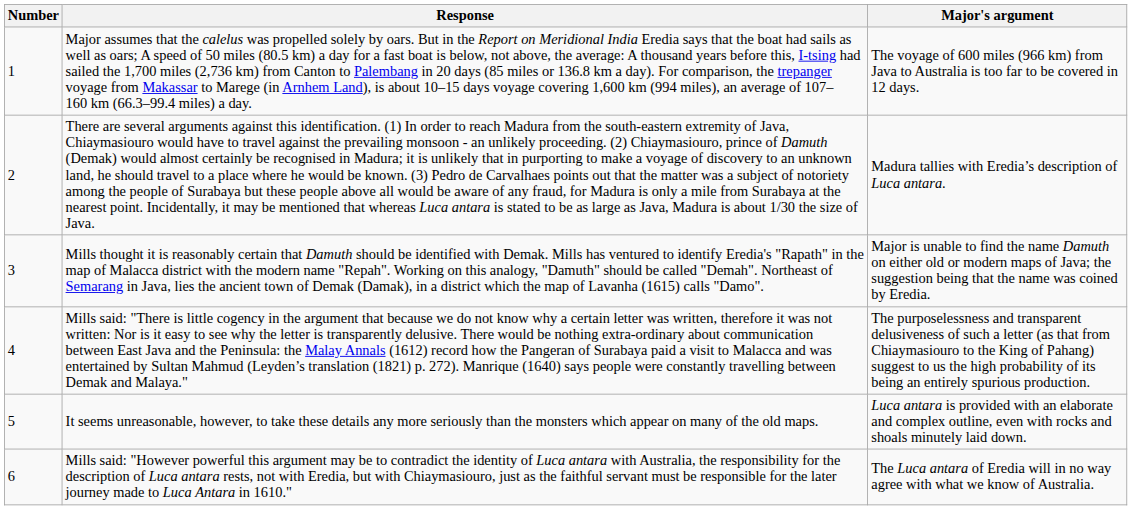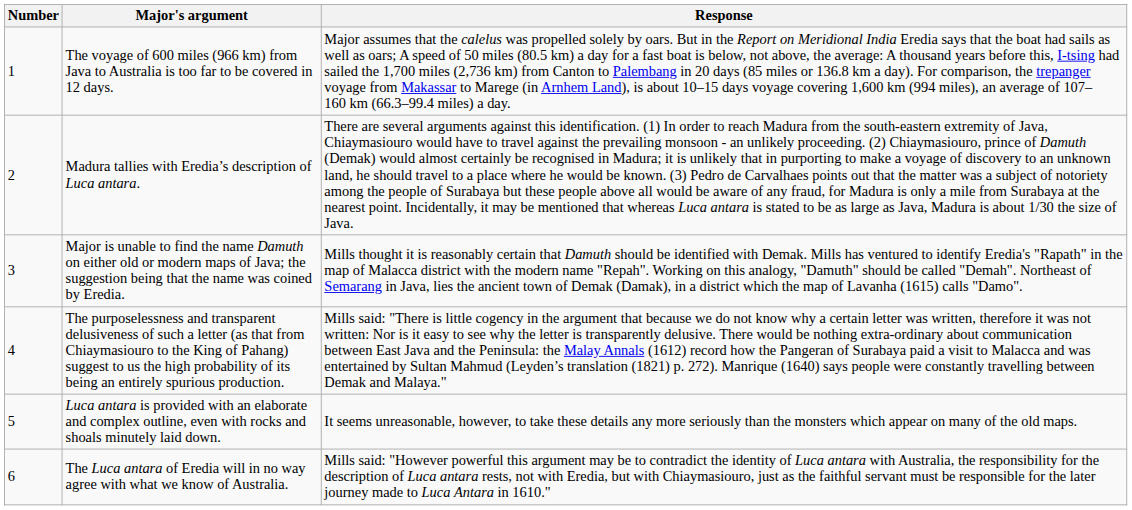 <table class="wikitable">
 <tr>
 <th>Number</th>
+<th>Major's argument</th>
 <th>Response</th>
-<th>Major's argument</th>
 </tr>
 <tr>
 <td>1</td>
+<td>The voyage of 600 miles (966 km) from Java to Australia is too far to be covered in 12 days.</td>
 <td>Major assumes that the <em>calelus</em> was propelled solely by oars. But in the <em>Report on Meridional India</em> Eredia says that the boat had sails as well as oars; A speed of 50 miles (80.5 km) a day for a fast boat is below, not above, the average: A thousand years before this, <a href='#'>I-tsing</a> had sailed the 1,700 miles (2,736 km) from Canton to <a href='#'>Palembang</a> in 20 days (85 miles or 136.8 km a day). For comparison, the <a href='#'>trepanger</a> voyage from <a href='#'>Makassar</a> to Marege (in <a href='#'>Arnhem Land</a>), is about 10–15 days voyage covering 1,600 km (994 miles), an average of 107–160 km (66.3–99.4 miles) a day.</td>
-<td>The voyage of 600 miles (966 km) from Java to Australia is too far to be covered in 12 days.</td>
 </tr>
 <tr>
 <td>2</td>
+<td>Madura tallies with Eredia’s description of <em>Luca</em> <em>antara</em>.</td>
 <td>There are several arguments against this identification. (1) In order to reach Madura from the south-eastern extremity of Java, Chiaymasiouro would have to travel against the prevailing monsoon - an unlikely proceeding. (2) Chiaymasiouro, prince of <em>Damuth</em> (Demak) would almost certainly be recognised in Madura; it is unlikely that in purporting to make a voyage of discovery to an unknown land, he should travel to a place where he would be known. (3) Pedro de Carvalhaes points out that the matter was a subject of notoriety among the people of Surabaya but these people above all would be aware of any fraud, for Madura is only a mile from Surabaya at the nearest point. Incidentally, it may be mentioned that whereas <em>Luca</em> <em>antara</em> is stated to be as large as Java, Madura is about 1/30 the size of Java.</td>
-<td>Madura tallies with Eredia’s description of <em>Luca</em> <em>antara</em>.</td>
 </tr>
 <tr>
 <td>3</td>
+<td>Major is unable to find the name <em>Damuth</em> on either old or modern maps of Java; the suggestion being that the name was coined by Eredia.</td>
 <td>Mills thought it is reasonably certain that <em>Damuth</em> should be identified with Demak. Mills has ventured to identify Eredia's "Rapath" in the map of Malacca district with the modern name "Repah". Working on this analogy, "Damuth" should be called "Demah". Northeast of <a href='#'>Semarang</a> in Java, lies the ancient town of Demak (Damak), in a district which the map of Lavanha (1615) calls "Damo".</td>
-<td>Major is unable to find the name <em>Damuth</em> on either old or modern maps of Java; the suggestion being that the name was coined by Eredia.</td>
 </tr>
 <tr>
 <td>4</td>
+<td>The purposelessness and transparent delusiveness of such a letter (as that from Chiaymasiouro to the King of Pahang) suggest to us the high probability of its being an entirely spurious production.</td>
 <td>Mills said: "There is little cogency in the argument that because we do not know why a certain letter was written, therefore it was not written: Nor is it easy to see why the letter is transparently delusive. There would be nothing extra-ordinary about communication between East Java and the Peninsula: the <a href='#'>Malay Annals</a> (1612) record how the Pangeran of Surabaya paid a visit to Malacca and was entertained by Sultan Mahmud (Leyden’s translation (1821) p. 272). Manrique (1640) says people were constantly travelling between Demak and Malaya."</td>
-<td>The purposelessness and transparent delusiveness of such a letter (as that from Chiaymasiouro to the King of Pahang) suggest to us the high probability of its being an entirely spurious production.</td>
 </tr>
 <tr>
 <td>5</td>
+<td><em>Luca</em> <em>antara</em> is provided with an elaborate and complex outline, even with rocks and shoals minutely laid down.</td>
 <td>It seems unreasonable, however, to take these details any more seriously than the monsters which appear on many of the old maps.</td>
-<td><em>Luca</em> <em>antara</em> is provided with an elaborate and complex outline, even with rocks and shoals minutely laid down.</td>
 </tr>
 <tr>
 <td>6</td>
+<td>The <em>Luca</em> <em>antara</em> of Eredia will in no way agree with what we know of Australia.</td>
 <td>Mills said: "However powerful this argument may be to contradict the identity of <em>Luca</em> <em>antara</em> with Australia, the responsibility for the description of <em>Luca</em> <em>antara</em> rests, not with Eredia, but with Chiaymasiouro, just as the faithful servant must be responsible for the later journey made to <em>Luca</em> <em>Antara</em> in 1610."</td>
-<td>The <em>Luca</em> <em>antara</em> of Eredia will in no way agree with what we know of Australia.</td>
 </tr>
 </table>
